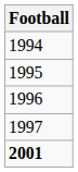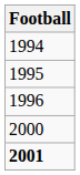 <table class="wikitable">
 <tr>
 <th>Football</th>
 </tr>
 <tr>
 <td>1994</td>
 </tr>
 <tr>
 <td>1995</td>
 </tr>
 <tr>
 <td>1996</td>
 </tr>
 <tr>
-<td>1997</td>
+<td>2000</td>
 </tr>
 <tr>
 <td><strong>2001</strong></td>
 </tr>
 </table>
